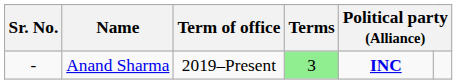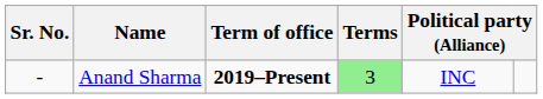 <table class="wikitable sortable">
 <tr>
 <th>Sr. No.</th>
 <th>Name</th>
 <th>Term of office</th>
 <th>Terms</th>
 <th colspan="2">Political party<br><small>(Alliance)</small> </th>
 </tr>
 <tr align="center">
 <td> -</td>
 <td><a href='#'>Anand Sharma</a></td>
-<td>2019–Present</td>
+<td><strong>2019–Present</strong></td>
 <td style="background: lightgreen;">3</td>
-<td><strong><a href='#'>INC</a></strong></td>
+<td><a href='#'>INC</a></td>
 <td></td>
 </tr>
 </table>
